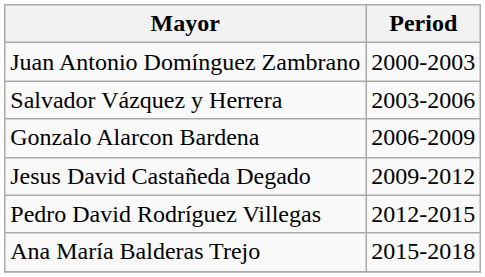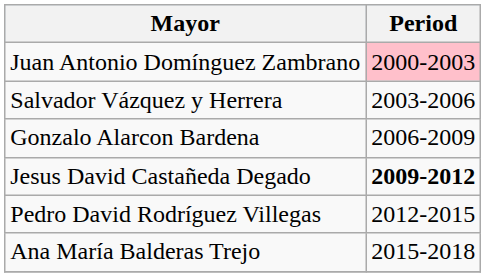 <table class="wikitable">
 <tr align=center style="background:#d8edff">
 <th>Mayor</th>
 <th>Period</th>
 </tr>
 <tr>
 <td>Juan Antonio Domínguez Zambrano</td>
-<td>2000-2003</td>
+<td style="background: pink;">2000-2003</td>
 </tr>
 <tr>
 <td>Salvador Vázquez y Herrera</td>
 <td>2003-2006</td>
 </tr>
 <tr>
 <td>Gonzalo Alarcon Bardena</td>
 <td>2006-2009</td>
 </tr>
 <tr>
 <td>Jesus David Castañeda Degado</td>
-<td>2009-2012</td>
+<td><strong>2009-2012</strong></td>
 </tr>
 <tr>
 <td>Pedro David Rodríguez Villegas</td>
 <td>2012-2015</td>
 </tr>
 <tr>
 <td>Ana María Balderas Trejo</td>
 <td>2015-2018</td>
 </tr>
 <tr>
 </tr>
 </table>
